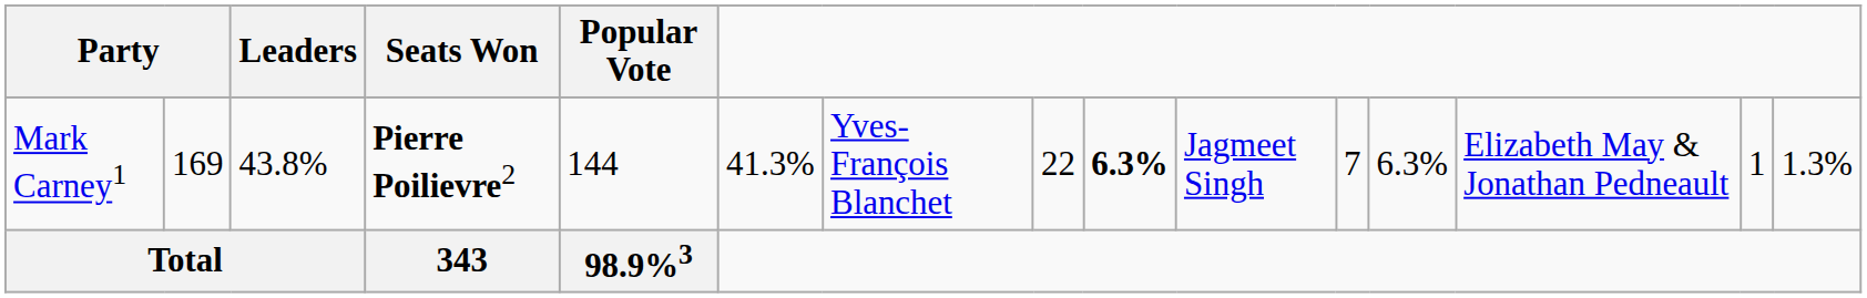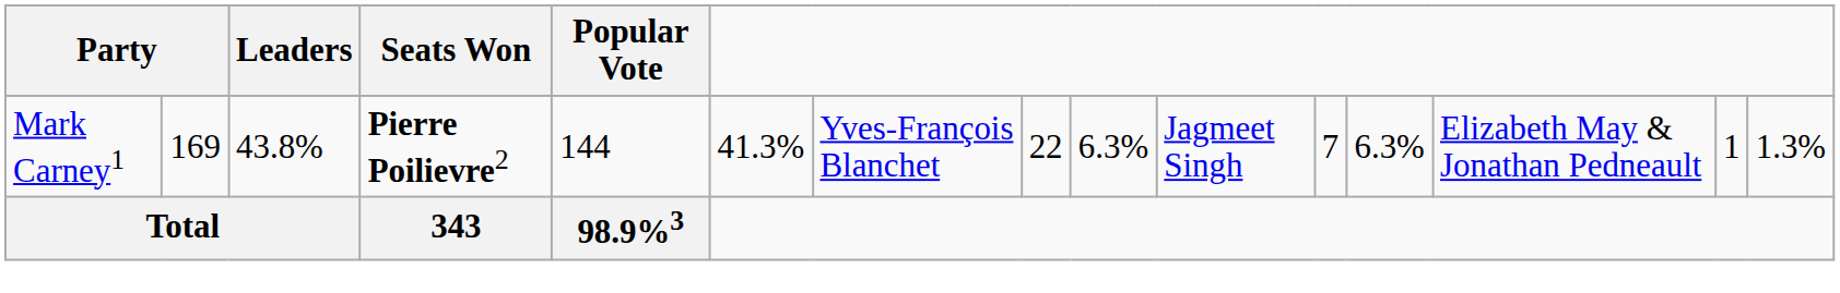 <table class="wikitable">
 <tr>
 <th colspan="2">Party</th>
 <th>Leaders</th>
 <th>Seats Won</th>
 <th>Popular Vote</th>
 </tr>
 <tr>
 <td><a href='#'>Mark Carney</a><sup>1</sup></td>
 <td>169</td>
 <td>43.8%<br></td>
 <td><strong>Pierre Poilievre</strong><sup>2</sup></td>
 <td>144</td>
 <td>41.3%<br></td>
 <td><a href='#'>Yves-François Blanchet</a></td>
 <td>22</td>
-<td><strong>6.3%<br></strong></td>
+<td>6.3%<br></td>
 <td><a href='#'>Jagmeet Singh</a></td>
 <td>7</td>
 <td>6.3%<br></td>
 <td><a href='#'>Elizabeth May</a> & <a href='#'>Jonathan Pedneault</a></td>
 <td>1</td>
 <td>1.3%</td>
 </tr>
 <tr>
 <th colspan=3>Total</th>
 <th>343</th>
 <th>98.9%<sup>3</sup></th>
 </tr>
 </table>
